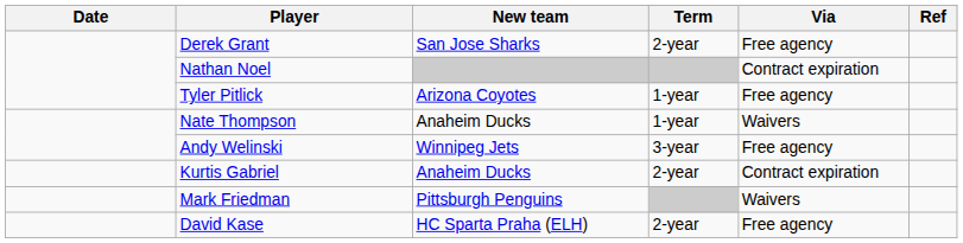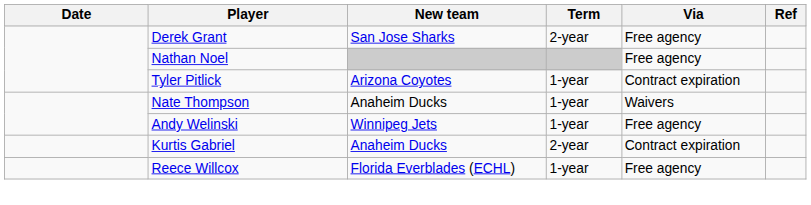 <table class="wikitable">
 <tr style="background:#ddd; text-align:center;">
 <th style="width: 10em;">Date</th>
 <th style="width: 14em;">Player</th>
 <th style="width: 14em;">New team</th>
 <th style="width: 5em;">Term</th>
 <th style="width: 10em;">Via</th>
 <th style="width: 2.5em;">Ref</th>
 </tr>
 <tr>
 <td rowspan=3></td>
 <td><a href='#'>Derek Grant</a></td>
 <td><a href='#'>San Jose Sharks</a></td>
 <td>2-year</td>
 <td>Free agency</td>
 <td></td>
 </tr>
 <tr>
 <td><a href='#'>Nathan Noel</a></td>
 <td style="background:#ccc"></td>
 <td style="background:#ccc"></td>
-<td>Contract expiration</td>
+<td>Free agency</td>
 <td></td>
 </tr>
 <tr>
 <td><a href='#'>Tyler Pitlick</a></td>
 <td><a href='#'>Arizona Coyotes</a></td>
 <td>1-year</td>
-<td>Free agency</td>
+<td>Contract expiration</td>
 <td></td>
 </tr>
 <tr>
 <td rowspan=2></td>
 <td><a href='#'>Nate Thompson</a></td>
 <td>Anaheim Ducks</td>
 <td>1-year</td>
 <td>Waivers</td>
 <td></td>
 </tr>
 <tr>
 <td><a href='#'>Andy Welinski</a></td>
 <td><a href='#'>Winnipeg Jets</a></td>
-<td>3-year</td>
+<td>1-year</td>
 <td>Free agency</td>
 <td></td>
 </tr>
 <tr>
 <td></td>
 <td><a href='#'>Kurtis Gabriel</a></td>
 <td><a href='#'>Anaheim Ducks</a></td>
 <td>2-year</td>
 <td>Contract expiration</td>
 <td></td>
 </tr>
 <tr>
 <td></td>
-<td><a href='#'>Mark Friedman</a></td>
-<td><a href='#'>Pittsburgh Penguins</a></td>
-<td style="background:#ccc"></td>
-<td>Waivers</td>
-<td></td>
-</tr>
-<tr>
-<td></td>
-<td><a href='#'>David Kase</a></td>
-<td><a href='#'>HC Sparta Praha</a> (<a href='#'>ELH</a>)</td>
-<td>2-year</td>
+<td><a href='#'>Reece Willcox</a></td>
+<td><a href='#'>Florida Everblades</a> (<a href='#'>ECHL</a>)</td>
+<td>1-year</td>
 <td>Free agency</td>
 <td></td>
 </tr>
 </table>
